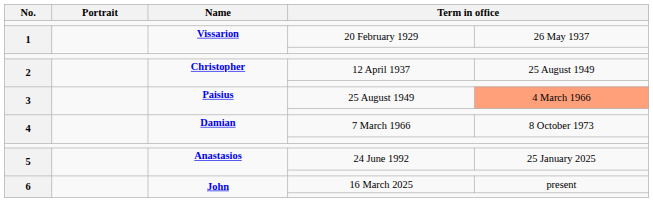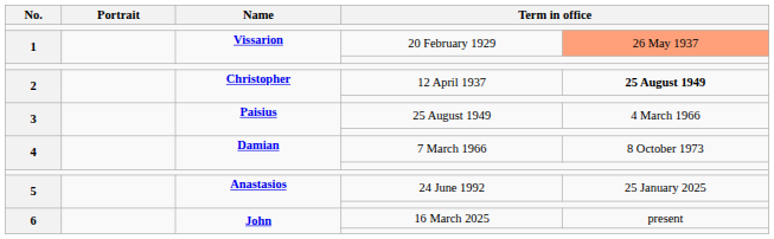 <table class="wikitable" style="text-align:center;"  width="50%">
 <tr>
 <th>No.</th>
 <th>Portrait</th>
 <th>Name</th>
 <th colspan=2>Term in office</th>
 </tr>
 <tr>
 <td colspan="5" align=center></td>
 </tr>
 <tr>
 <th rowspan="2">1</th>
 <td rowspan=2></td>
 <td rowspan=2><strong><a href='#'>Vissarion</a></strong><br><br></td>
 <td>20 February 1929</td>
-<td>26 May 1937</td>
+<td style="background: lightsalmon;">26 May 1937</td>
 </tr>
 <tr>
 <td colspan="2"><em></em></td>
 </tr>
 <tr>
 <td colspan="5" align=center></td>
 </tr>
 <tr>
 <th rowspan="2">2</th>
 <td rowspan=2></td>
 <td rowspan=2><strong><a href='#'>Christopher</a></strong><br><br></td>
 <td>12 April 1937</td>
-<td>25 August 1949</td>
+<td><strong>25 August 1949</strong></td>
 </tr>
 <tr>
 <td colspan="2"><em></em></td>
 </tr>
 <tr>
 <th rowspan="2">3</th>
 <td rowspan=2></td>
 <td rowspan=2><strong><a href='#'>Paisius</a></strong><br><br></td>
 <td>25 August 1949</td>
-<td style="background: lightsalmon;">4 March 1966</td>
+<td>4 March 1966</td>
 </tr>
 <tr>
 <td colspan="2"><em></em></td>
 </tr>
 <tr>
 <th rowspan="2">4</th>
 <td rowspan=2></td>
 <td rowspan=2><strong><a href='#'>Damian</a></strong><br><br></td>
 <td>7 March 1966</td>
 <td>8 October 1973</td>
 </tr>
 <tr>
 <td colspan="2"><em></em></td>
 </tr>
 <tr>
 <td colspan="5" align=center></td>
 </tr>
 <tr>
 <th rowspan="2">5</th>
 <td rowspan="2"></td>
 <td rowspan="2"><strong><a href='#'>Anastasios</a></strong><br><br></td>
 <td>24 June 1992</td>
 <td>25 January 2025</td>
 </tr>
 <tr>
 <td colspan="2"><em></em></td>
 </tr>
 <tr>
 <th rowspan="2">6</th>
 <td rowspan="2"></td>
 <td rowspan="2"><strong><a href='#'>John</a></strong><br></td>
 <td>16 March 2025</td>
 <td>present</td>
 </tr>
 <tr>
 <td colspan="2"><em></em></td>
 </tr>
 </table>
